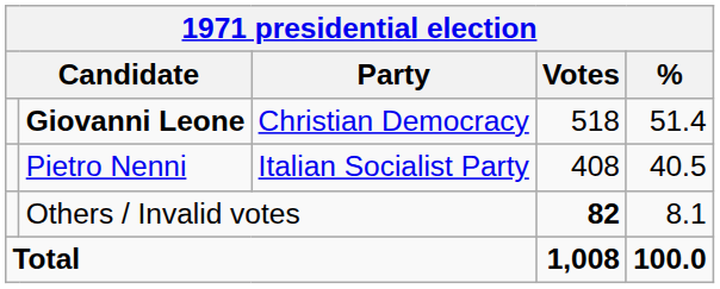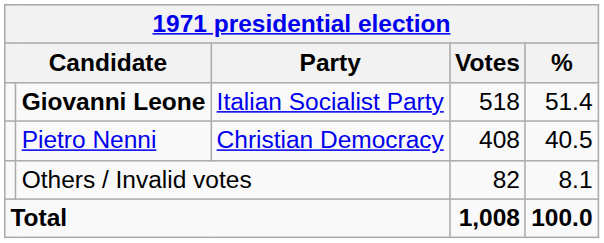 <table class=wikitable style=text-align:right>
 <tr>
 <th colspan=5><a href='#'>1971 presidential election</a> </th>
 </tr>
 <tr>
 <th colspan=2>Candidate</th>
 <th>Party</th>
 <th>Votes</th>
 <th>%</th>
 </tr>
 <tr>
 <td></td>
 <td align=left><strong>Giovanni Leone</strong></td>
-<td align=left><a href='#'>Christian Democracy</a></td>
+<td align=left><a href='#'>Italian Socialist Party</a></td>
 <td>518</td>
 <td>51.4</td>
 </tr>
 <tr>
 <td></td>
 <td align=left><a href='#'>Pietro Nenni</a></td>
-<td align=left><a href='#'>Italian Socialist Party</a></td>
+<td align=left><a href='#'>Christian Democracy</a></td>
 <td>408</td>
 <td>40.5</td>
 </tr>
 <tr>
 <td></td>
 <td align=left colspan=2>Others / Invalid votes</td>
-<td><strong>82</strong></td>
+<td>82</td>
 <td>8.1</td>
 </tr>
 <tr>
 <td align=left colspan=3><strong>Total</strong></td>
 <td><strong>1,008</strong></td>
 <td><strong>100.0</strong></td>
 </tr>
 </table>
